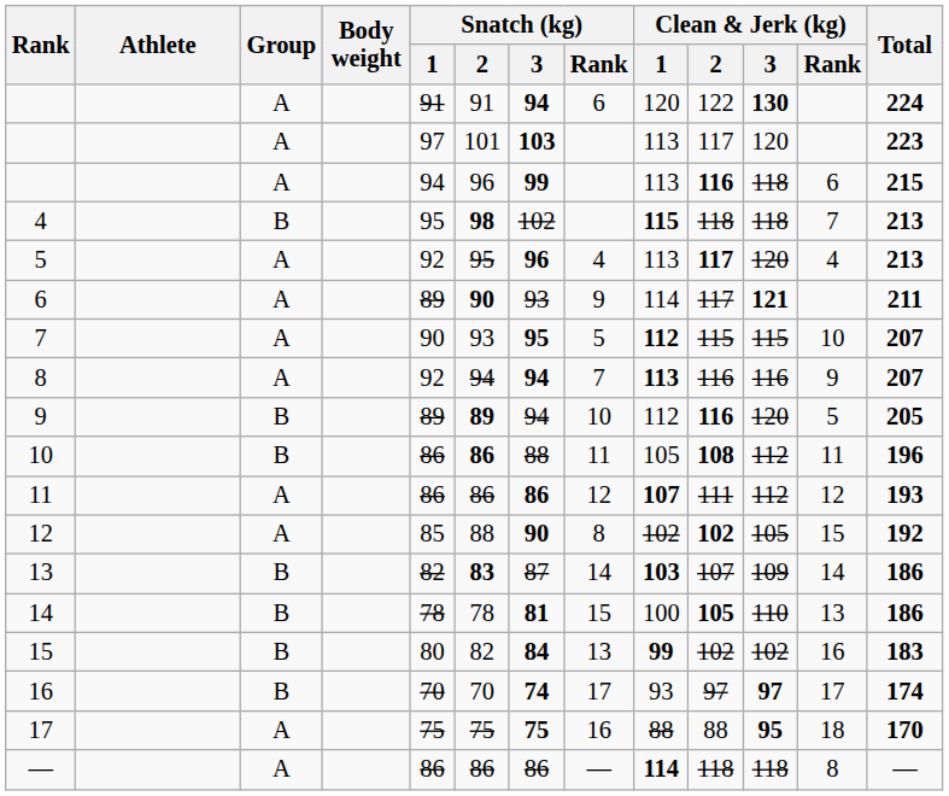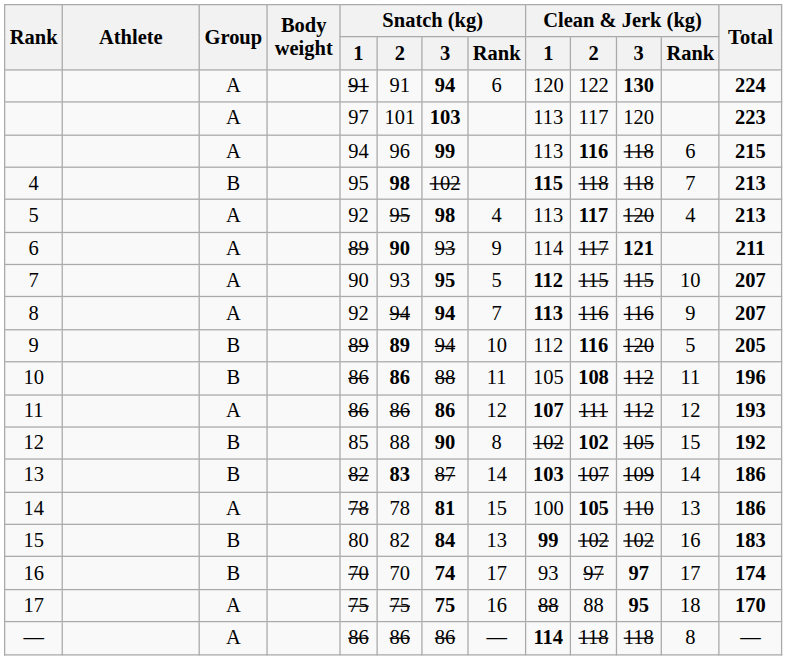 <table class = "wikitable" style="text-align:center;">
 <tr>
 <th rowspan=2 width=40>Rank</th>
 <th rowspan=2 width=250>Athlete</th>
 <th rowspan=2 width=50>Group</th>
 <th rowspan=2 width=60>Body weight</th>
 <th colspan=4>Snatch (kg)</th>
 <th colspan=4>Clean & Jerk (kg)</th>
 <th rowspan=2 width=60>Total</th>
 </tr>
 <tr>
 <th width=40>1</th>
 <th width=40>2</th>
 <th width=40>3</th>
 <th width=40>Rank</th>
 <th width=40>1</th>
 <th width=40>2</th>
 <th width=40>3</th>
 <th width=40>Rank</th>
 </tr>
 <tr>
 <td></td>
 <td align=left></td>
 <td>A</td>
 <td></td>
 <td><s>91</s></td>
 <td>91</td>
 <td><strong>94</strong></td>
 <td>6</td>
 <td>120</td>
 <td>122</td>
 <td><strong>130</strong></td>
 <td></td>
 <td><strong>224</strong></td>
 </tr>
 <tr>
 <td></td>
 <td align=left></td>
 <td>A</td>
 <td></td>
 <td>97</td>
 <td>101</td>
 <td><strong>103</strong></td>
 <td></td>
 <td>113</td>
 <td>117</td>
 <td>120</td>
 <td></td>
 <td><strong>223</strong></td>
 </tr>
 <tr>
 <td></td>
 <td align=left></td>
 <td>A</td>
 <td></td>
 <td>94</td>
 <td>96</td>
 <td><strong>99</strong></td>
 <td></td>
 <td>113</td>
 <td><strong>116</strong></td>
 <td><s>118</s></td>
 <td>6</td>
 <td><strong>215</strong></td>
 </tr>
 <tr>
 <td>4</td>
 <td align=left></td>
 <td>B</td>
 <td></td>
 <td>95</td>
 <td><strong>98</strong></td>
 <td><s>102</s></td>
 <td></td>
 <td><strong>115</strong></td>
 <td><s>118</s></td>
 <td><s>118</s></td>
 <td>7</td>
 <td><strong>213</strong></td>
 </tr>
 <tr>
 <td>5</td>
 <td align=left></td>
 <td>A</td>
 <td></td>
 <td>92</td>
 <td><s>95</s></td>
-<td><strong>96</strong></td>
+<td><strong>98</strong></td>
 <td>4</td>
 <td>113</td>
 <td><strong>117</strong></td>
 <td><s>120</s></td>
 <td>4</td>
 <td><strong>213</strong></td>
 </tr>
 <tr>
 <td>6</td>
 <td align=left></td>
 <td>A</td>
 <td></td>
 <td><s>89</s></td>
 <td><strong>90</strong></td>
 <td><s>93</s></td>
 <td>9</td>
 <td>114</td>
 <td><s>117</s></td>
 <td><strong>121</strong></td>
 <td></td>
 <td><strong>211</strong></td>
 </tr>
 <tr>
 <td>7</td>
 <td align=left></td>
 <td>A</td>
 <td></td>
 <td>90</td>
 <td>93</td>
 <td><strong>95</strong></td>
 <td>5</td>
 <td><strong>112</strong></td>
 <td><s>115</s></td>
 <td><s>115</s></td>
 <td>10</td>
 <td><strong>207</strong></td>
 </tr>
 <tr>
 <td>8</td>
 <td align=left></td>
 <td>A</td>
 <td></td>
 <td>92</td>
 <td><s>94</s></td>
 <td><strong>94</strong></td>
 <td>7</td>
 <td><strong>113</strong></td>
 <td><s>116</s></td>
 <td><s>116</s></td>
 <td>9</td>
 <td><strong>207</strong></td>
 </tr>
 <tr>
 <td>9</td>
 <td align=left></td>
 <td>B</td>
 <td></td>
 <td><s>89</s></td>
 <td><strong>89</strong></td>
 <td><s>94</s></td>
 <td>10</td>
 <td>112</td>
 <td><strong>116</strong></td>
 <td><s>120</s></td>
 <td>5</td>
 <td><strong>205</strong></td>
 </tr>
 <tr>
 <td>10</td>
 <td align=left></td>
 <td>B</td>
 <td></td>
 <td><s>86</s></td>
 <td><strong>86</strong></td>
 <td><s>88</s></td>
 <td>11</td>
 <td>105</td>
 <td><strong>108</strong></td>
 <td><s>112</s></td>
 <td>11</td>
 <td><strong>196</strong></td>
 </tr>
 <tr>
 <td>11</td>
 <td align=left></td>
 <td>A</td>
 <td></td>
 <td><s>86</s></td>
 <td><s>86</s></td>
 <td><strong>86</strong></td>
 <td>12</td>
 <td><strong>107</strong></td>
 <td><s>111</s></td>
 <td><s>112</s></td>
 <td>12</td>
 <td><strong>193</strong></td>
 </tr>
 <tr>
 <td>12</td>
 <td align=left></td>
-<td>A</td>
+<td>B</td>
 <td></td>
 <td>85</td>
 <td>88</td>
 <td><strong>90</strong></td>
 <td>8</td>
 <td><s>102</s></td>
 <td><strong>102</strong></td>
 <td><s>105</s></td>
 <td>15</td>
 <td><strong>192</strong></td>
 </tr>
 <tr>
 <td>13</td>
 <td align=left></td>
 <td>B</td>
 <td></td>
 <td><s>82</s></td>
 <td><strong>83</strong></td>
 <td><s>87</s></td>
 <td>14</td>
 <td><strong>103</strong></td>
 <td><s>107</s></td>
 <td><s>109</s></td>
 <td>14</td>
 <td><strong>186</strong></td>
 </tr>
 <tr>
 <td>14</td>
 <td align=left></td>
-<td>B</td>
+<td>A</td>
 <td></td>
 <td><s>78</s></td>
 <td>78</td>
 <td><strong>81</strong></td>
 <td>15</td>
 <td>100</td>
 <td><strong>105</strong></td>
 <td><s>110</s></td>
 <td>13</td>
 <td><strong>186</strong></td>
 </tr>
 <tr>
 <td>15</td>
 <td align=left></td>
 <td>B</td>
 <td></td>
 <td>80</td>
 <td>82</td>
 <td><strong>84</strong></td>
 <td>13</td>
 <td><strong>99</strong></td>
 <td><s>102</s></td>
 <td><s>102</s></td>
 <td>16</td>
 <td><strong>183</strong></td>
 </tr>
 <tr>
 <td>16</td>
 <td align=left></td>
 <td>B</td>
 <td></td>
 <td><s>70</s></td>
 <td>70</td>
 <td><strong>74</strong></td>
 <td>17</td>
 <td>93</td>
 <td><s>97</s></td>
 <td><strong>97</strong></td>
 <td>17</td>
 <td><strong>174</strong></td>
 </tr>
 <tr>
 <td>17</td>
 <td align=left></td>
 <td>A</td>
 <td></td>
 <td><s>75</s></td>
 <td><s>75</s></td>
 <td><strong>75</strong></td>
 <td>16</td>
 <td><s>88</s></td>
 <td>88</td>
 <td><strong>95</strong></td>
 <td>18</td>
 <td><strong>170</strong></td>
 </tr>
 <tr>
 <td>—</td>
 <td align=left></td>
 <td>A</td>
 <td></td>
 <td><s>86</s></td>
 <td><s>86</s></td>
 <td><s>86</s></td>
 <td>—</td>
 <td><strong>114</strong></td>
 <td><s>118</s></td>
 <td><s>118</s></td>
 <td>8</td>
 <td>—</td>
 </tr>
 </table>
